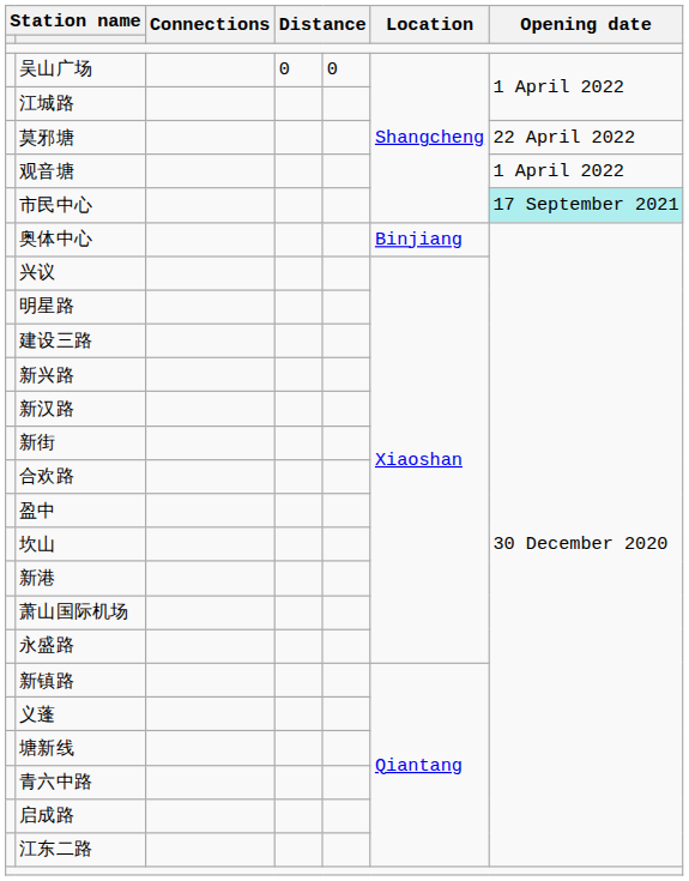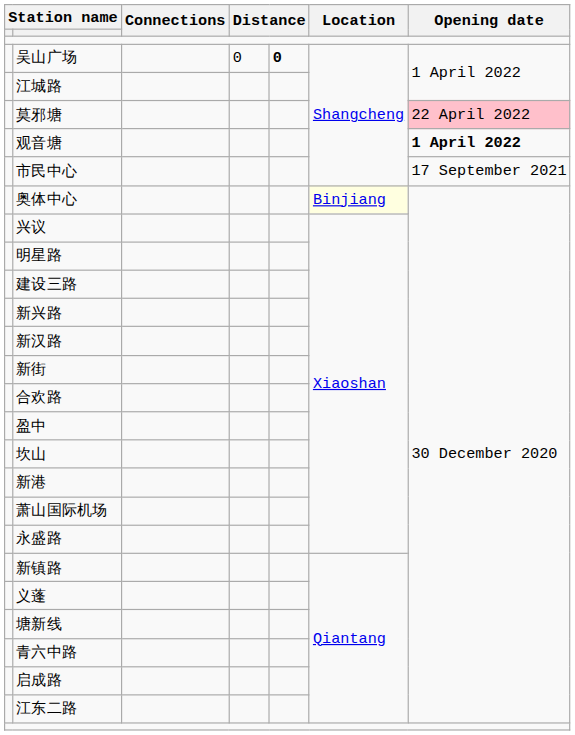 <table class="wikitable">
 <tr>
 <th colspan="2">Station name</th>
 <th rowspan="2">Connections</th>
 <th colspan="2" rowspan="2">Distance<br></th>
 <th rowspan="2">Location</th>
 <th rowspan="2">Opening date</th>
 </tr>
 <tr>
 <th></th>
 <th></th>
 </tr>
 <tr style="background:#">
 <td colspan="7"></td>
 </tr>
 <tr>
 <td></td>
 <td><span>吴山广场</span></td>
 <td></td>
 <td>0</td>
-<td>0</td>
+<td><strong>0</strong></td>
 <td rowspan="5"><a href='#'>Shangcheng</a></td>
 <td rowspan="2">1 April 2022</td>
 </tr>
 <tr>
 <td></td>
 <td><span>江城路</span></td>
 <td></td>
 <td></td>
 <td></td>
 </tr>
 <tr>
 <td></td>
 <td><span>莫邪塘</span></td>
 <td></td>
 <td></td>
 <td></td>
-<td>22 April 2022</td>
+<td style="background: pink;">22 April 2022</td>
 </tr>
 <tr>
 <td></td>
 <td><span>观音塘</span></td>
 <td></td>
 <td></td>
 <td></td>
-<td>1 April 2022</td>
+<td><strong>1 April 2022</strong></td>
 </tr>
 <tr>
 <td></td>
 <td><span>市民中心</span></td>
 <td></td>
 <td></td>
 <td></td>
-<td style="background: paleturquoise;">17 September 2021</td>
+<td>17 September 2021</td>
 </tr>
 <tr>
 <td></td>
 <td><span>奥体中心</span></td>
 <td></td>
 <td></td>
 <td></td>
-<td><a href='#'>Binjiang</a></td>
+<td style="background: lightyellow;"><a href='#'>Binjiang</a></td>
 <td rowspan="19">30 December 2020</td>
 </tr>
 <tr>
 <td></td>
 <td><span>兴议</span></td>
 <td></td>
 <td></td>
 <td></td>
 <td rowspan="12"><a href='#'>Xiaoshan</a></td>
 </tr>
 <tr>
 <td></td>
 <td><span>明星路</span></td>
 <td></td>
 <td></td>
 <td></td>
 </tr>
 <tr>
 <td></td>
 <td><span>建设三路</span></td>
 <td></td>
 <td></td>
 <td></td>
 </tr>
 <tr>
 <td></td>
 <td><span>新兴路</span></td>
 <td></td>
 <td></td>
 <td></td>
 </tr>
 <tr>
 <td></td>
 <td><span>新汉路</span></td>
 <td></td>
 <td></td>
 <td></td>
 </tr>
 <tr>
 <td></td>
 <td><span>新街</span></td>
 <td></td>
 <td></td>
 <td></td>
 </tr>
 <tr>
 <td></td>
 <td><span>合欢路</span></td>
 <td></td>
 <td></td>
 <td></td>
 </tr>
 <tr>
 <td></td>
 <td><span>盈中</span></td>
 <td></td>
 <td></td>
 <td></td>
 </tr>
 <tr>
 <td></td>
 <td><span>坎山</span></td>
 <td></td>
 <td></td>
 <td></td>
 </tr>
 <tr>
 <td></td>
 <td><span>新港</span></td>
 <td></td>
 <td></td>
 <td></td>
 </tr>
 <tr>
 <td></td>
 <td><span>萧山国际机场</span></td>
 <td>   </td>
 <td></td>
 <td></td>
 </tr>
 <tr>
 <td></td>
 <td><span>永盛路</span></td>
 <td></td>
 <td></td>
 <td></td>
 </tr>
 <tr>
 <td></td>
 <td><span>新镇路</span></td>
 <td></td>
 <td></td>
 <td></td>
 <td rowspan="6"><a href='#'>Qiantang</a></td>
 </tr>
 <tr>
 <td></td>
 <td><span>义蓬</span></td>
 <td></td>
 <td></td>
 <td></td>
 </tr>
 <tr>
 <td></td>
 <td><span>塘新线</span></td>
 <td></td>
 <td></td>
 <td></td>
 </tr>
 <tr>
 <td></td>
 <td><span>青六中路</span></td>
 <td></td>
 <td></td>
 <td></td>
 </tr>
 <tr>
 <td></td>
 <td><span>启成路</span></td>
 <td></td>
 <td></td>
 <td></td>
 </tr>
 <tr>
 <td></td>
 <td><span>江东二路</span></td>
 <td></td>
 <td></td>
 <td></td>
 </tr>
 <tr style="background:#">
 <td colspan="7"></td>
 </tr>
 </table>
